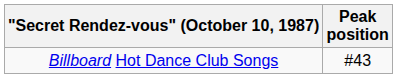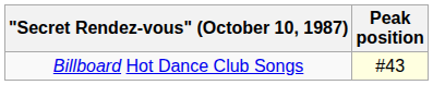 <table class="wikitable plainrowheaders" align = right style= "text-align: center;">
 <tr>
 <th>"Secret Rendez-vous" (October 10, 1987)</th>
 <th>Peak<br>position</th>
 </tr>
 <tr>
 <td><a href='#'><em>Billboard</em></a> <a href='#'>Hot Dance Club Songs</a></td>
-<td>#43</td>
+<td style="background: lightyellow;">#43</td>
 </tr>
 </table>
